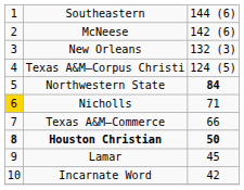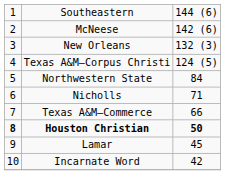 <table class="wikitable">
 <tr align="center">
 <td>1</td>
 <td>Southeastern</td>
 <td>144 (6)</td>
 </tr>
 <tr align="center">
 <td>2</td>
 <td>McNeese</td>
 <td>142 (6)</td>
 </tr>
 <tr align="center">
 <td>3</td>
 <td>New Orleans</td>
 <td>132 (3)</td>
 </tr>
 <tr align="center">
 <td>4</td>
 <td>Texas A&M–Corpus Christi</td>
 <td>124 (5)</td>
 </tr>
 <tr align="center">
 <td>5</td>
 <td>Northwestern State</td>
-<td><strong>84</strong></td>
+<td>84</td>
 </tr>
 <tr align="center">
-<td style="background: gold;">6</td>
+<td>6</td>
 <td>Nicholls</td>
 <td>71</td>
 </tr>
 <tr align="center">
 <td>7</td>
 <td>Texas A&M–Commerce</td>
 <td>66</td>
 </tr>
 <tr align="center">
 <td><strong>8</strong></td>
 <td><strong>Houston Christian</strong></td>
 <td><strong>50</strong></td>
 </tr>
 <tr align="center">
 <td>9</td>
 <td>Lamar</td>
 <td>45</td>
 </tr>
 <tr align="center">
 <td>10</td>
 <td>Incarnate Word</td>
 <td>42</td>
 </tr>
 <tr align="center">
 </tr>
 </table>
